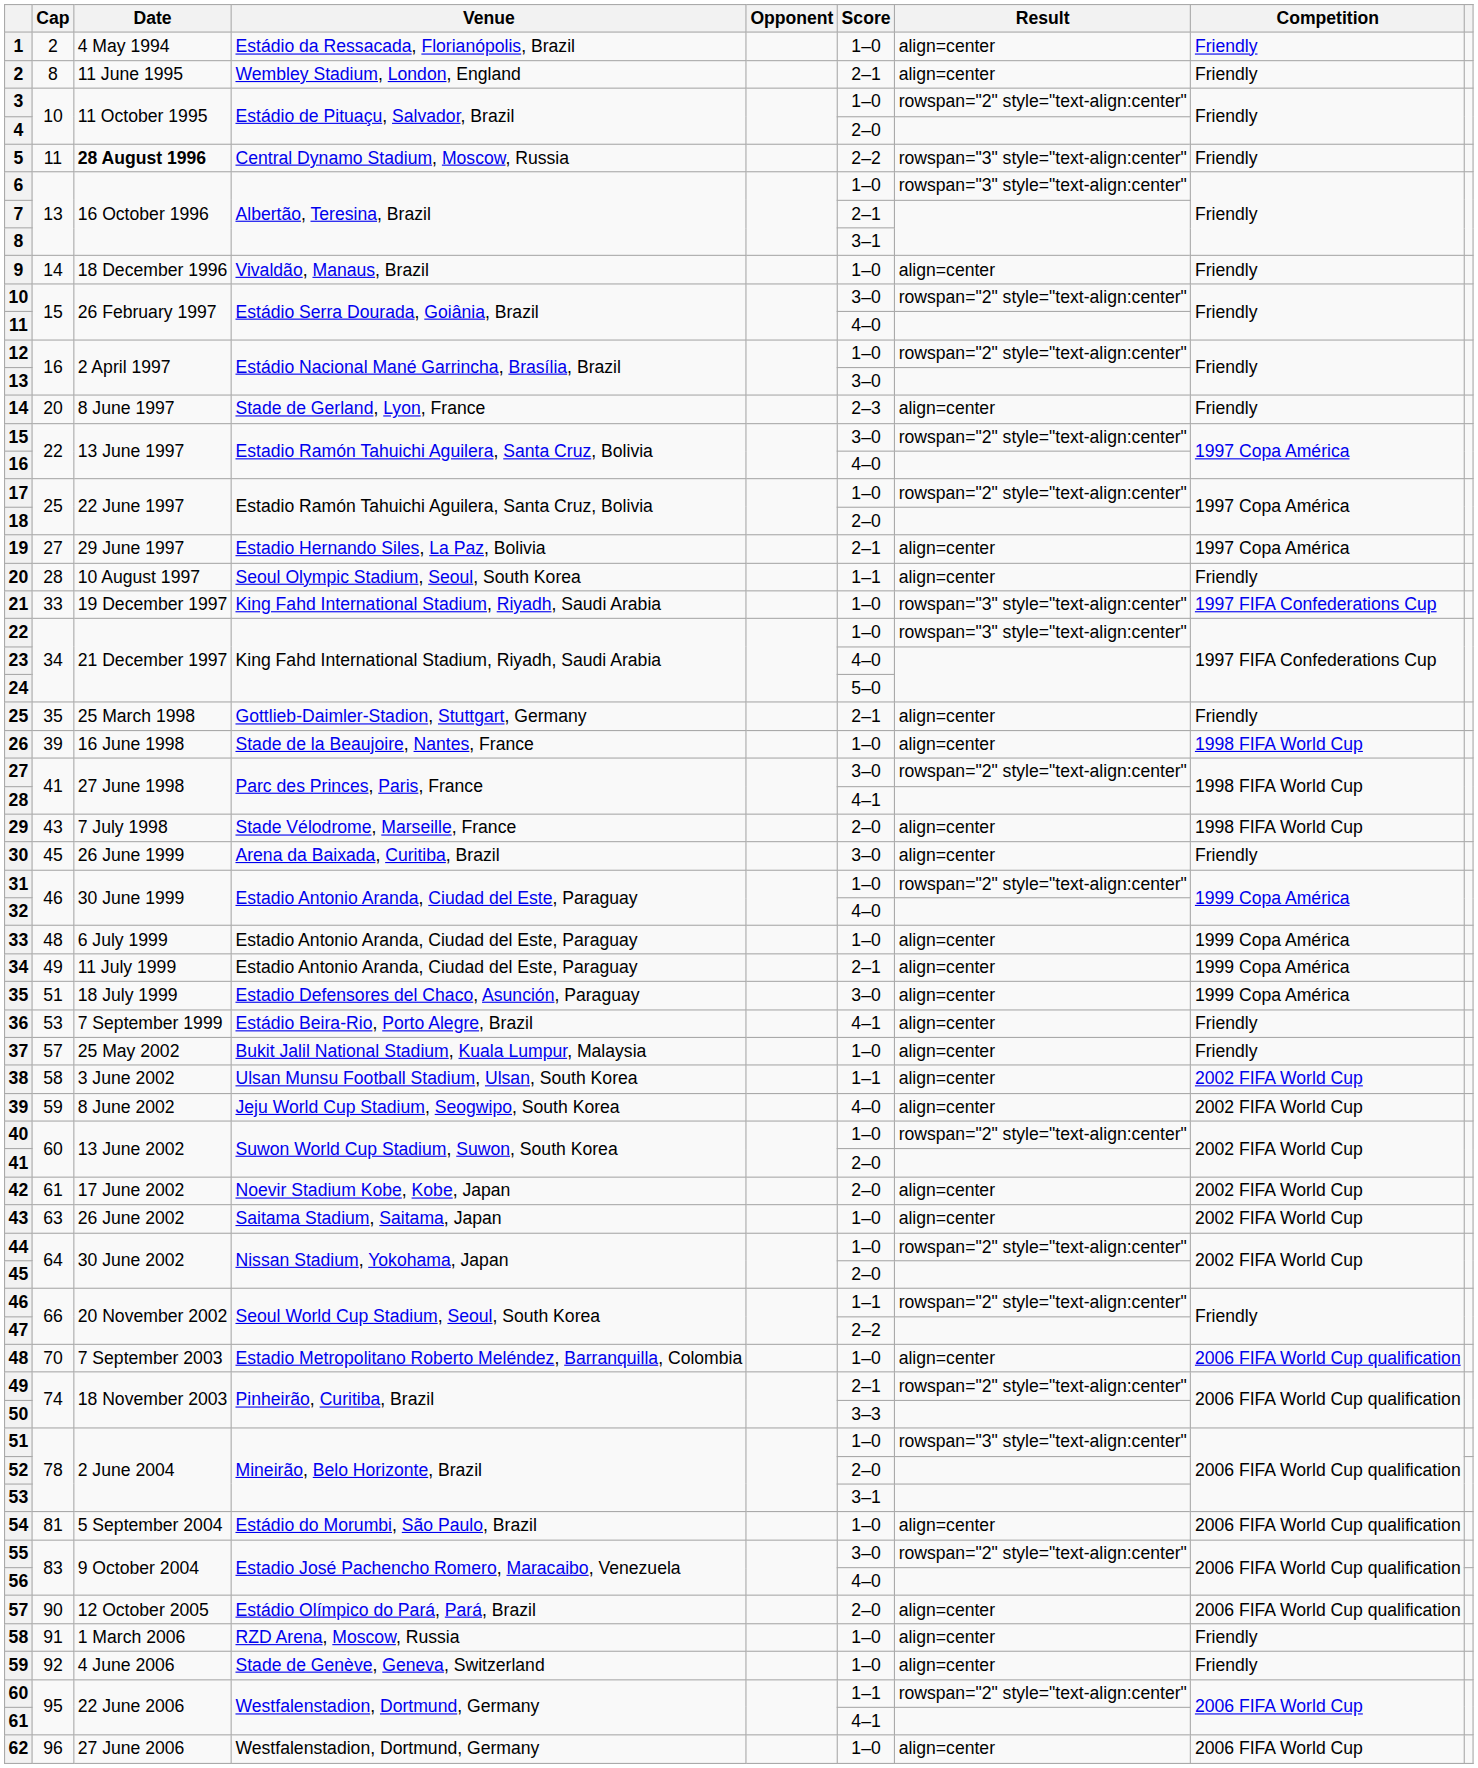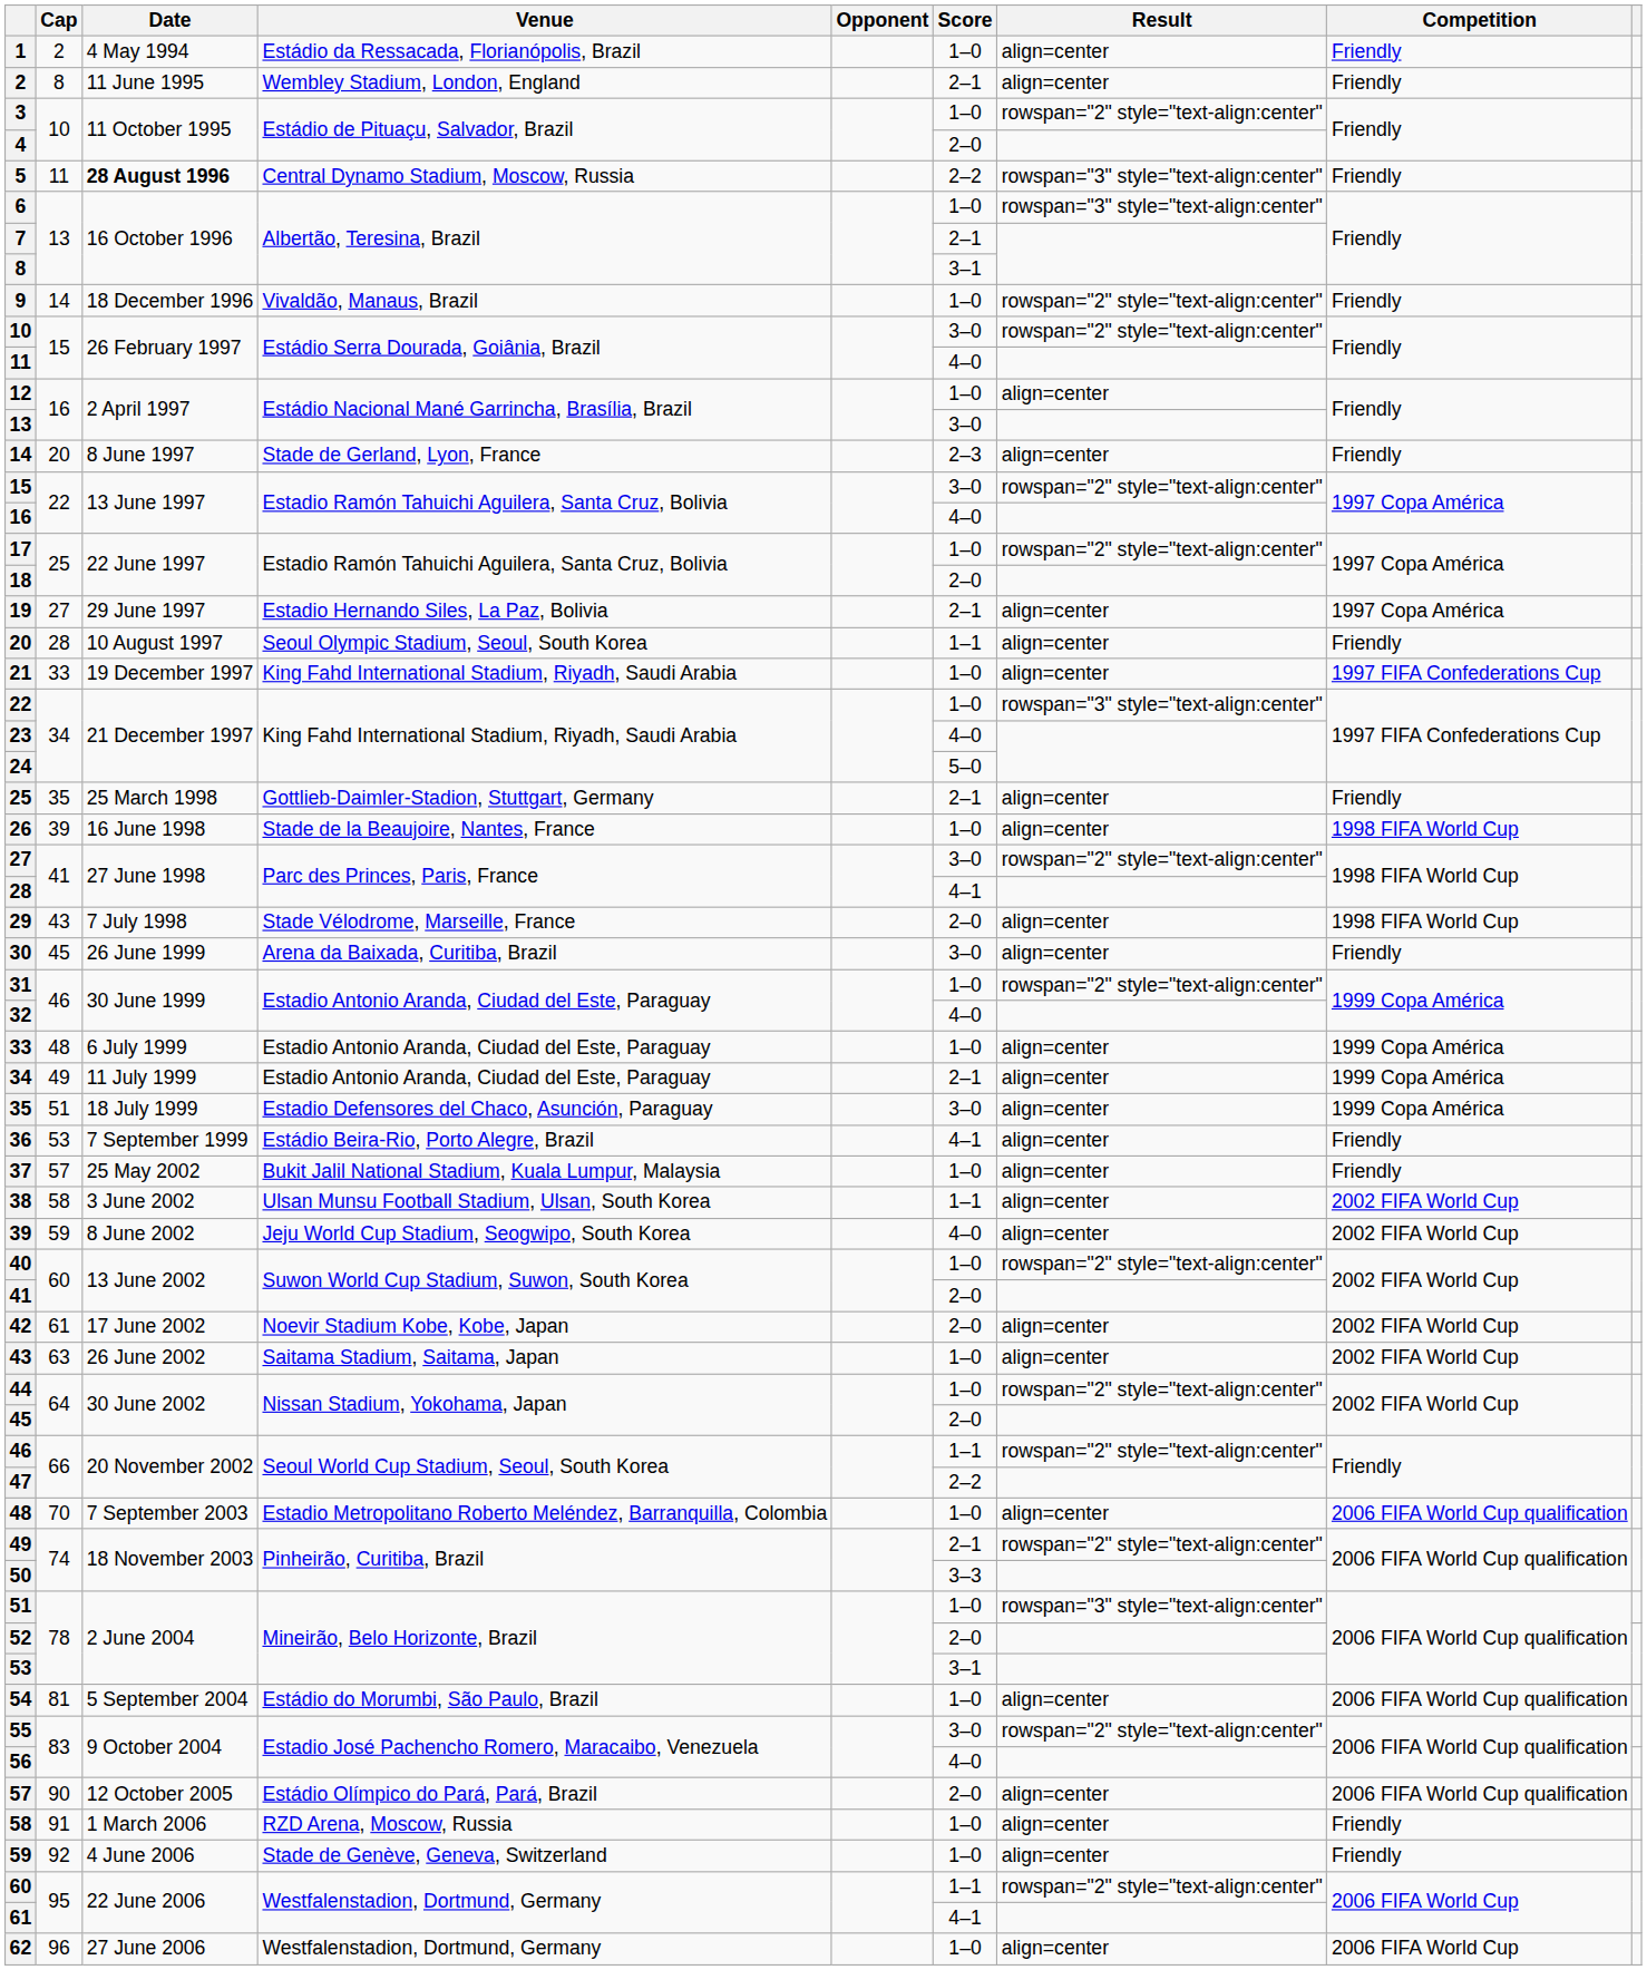 <table class="wikitable sortable collapsible" style="text-align: left;">
 <tr>
 <th scope="col"></th>
 <th scope="col">Cap</th>
 <th scope="col">Date</th>
 <th scope="col">Venue</th>
 <th scope="col">Opponent</th>
 <th scope="col">Score</th>
 <th scope="col">Result</th>
 <th scope="col">Competition</th>
 <th scope="col" class="unsortable"></th>
 </tr>
 <tr>
 <th scope="row">1</th>
 <td align=center>2</td>
 <td>4 May 1994</td>
 <td><a href='#'>Estádio da Ressacada</a>, <a href='#'>Florianópolis</a>, Brazil</td>
 <td></td>
 <td align=center>1–0</td>
 <td>align=center </td>
 <td><a href='#'>Friendly</a></td>
 <td></td>
 </tr>
 <tr>
 <th scope="row">2</th>
 <td align=center>8</td>
 <td>11 June 1995</td>
 <td><a href='#'>Wembley Stadium</a>, <a href='#'>London</a>, England</td>
 <td></td>
 <td align=center>2–1</td>
 <td>align=center </td>
 <td>Friendly</td>
 <td></td>
 </tr>
 <tr>
 <th scope="row">3</th>
 <td rowspan="2" align=center>10</td>
 <td rowspan="2">11 October 1995</td>
 <td rowspan="2"><a href='#'>Estádio de Pituaçu</a>, <a href='#'>Salvador</a>, Brazil</td>
 <td rowspan="2"></td>
 <td align=center>1–0</td>
 <td>rowspan="2" style="text-align:center" </td>
 <td rowspan="2">Friendly</td>
 <td rowspan="2"></td>
 </tr>
 <tr>
 <th scope="row">4</th>
 <td align=center>2–0</td>
 </tr>
 <tr>
 <th scope="row">5</th>
 <td align=center>11</td>
 <td><strong>28 August 1996</strong></td>
 <td><a href='#'>Central Dynamo Stadium</a>, <a href='#'>Moscow</a>, Russia</td>
 <td></td>
 <td align=center>2–2</td>
 <td>rowspan="3" style="text-align:center" </td>
 <td>Friendly</td>
 <td></td>
 </tr>
 <tr>
 <th scope="row">6</th>
 <td rowspan="3" align=center>13</td>
 <td rowspan="3">16 October 1996</td>
 <td rowspan="3"><a href='#'>Albertão</a>, <a href='#'>Teresina</a>, Brazil</td>
 <td rowspan="3"></td>
 <td align=center>1–0</td>
 <td>rowspan="3" style="text-align:center" </td>
 <td rowspan="3">Friendly</td>
 <td rowspan="3"></td>
 </tr>
 <tr>
 <th scope="row">7</th>
 <td align=center>2–1</td>
 </tr>
 <tr>
 <th scope="row">8</th>
 <td align=center>3–1</td>
 </tr>
 <tr>
 <th scope="row">9</th>
 <td align=center>14</td>
 <td>18 December 1996</td>
 <td><a href='#'>Vivaldão</a>, <a href='#'>Manaus</a>, Brazil</td>
 <td></td>
 <td align=center>1–0</td>
-<td>align=center </td>
+<td>rowspan="2" style="text-align:center" </td>
 <td>Friendly</td>
 <td></td>
 </tr>
 <tr>
 <th scope="row">10</th>
 <td rowspan="2" align=center>15</td>
 <td rowspan="2">26 February 1997</td>
 <td rowspan="2"><a href='#'>Estádio Serra Dourada</a>, <a href='#'>Goiânia</a>, Brazil</td>
 <td rowspan="2"></td>
 <td align=center>3–0</td>
 <td>rowspan="2" style="text-align:center" </td>
 <td rowspan="2">Friendly</td>
 <td rowspan="2"></td>
 </tr>
 <tr>
 <th scope="row">11</th>
 <td align=center>4–0</td>
 </tr>
 <tr>
 <th scope="row">12</th>
 <td rowspan="2" align=center>16</td>
 <td rowspan="2">2 April 1997</td>
 <td rowspan="2"><a href='#'>Estádio Nacional Mané Garrincha</a>, <a href='#'>Brasília</a>, Brazil</td>
 <td rowspan="2"></td>
 <td align=center>1–0</td>
-<td>rowspan="2" style="text-align:center" </td>
+<td>align=center </td>
 <td rowspan="2">Friendly</td>
 <td rowspan="2"></td>
 </tr>
 <tr>
 <th scope="row">13</th>
 <td align=center>3–0</td>
 </tr>
 <tr>
 <th scope="row">14</th>
 <td align=center>20</td>
 <td>8 June 1997</td>
 <td><a href='#'>Stade de Gerland</a>, <a href='#'>Lyon</a>, France</td>
 <td></td>
 <td align=center>2–3</td>
 <td>align=center </td>
 <td>Friendly</td>
 <td></td>
 </tr>
 <tr>
 <th scope="row">15</th>
 <td rowspan="2" align=center>22</td>
 <td rowspan="2">13 June 1997</td>
 <td rowspan="2"><a href='#'>Estadio Ramón Tahuichi Aguilera</a>, <a href='#'>Santa Cruz</a>, Bolivia</td>
 <td rowspan="2"></td>
 <td align=center>3–0</td>
 <td>rowspan="2" style="text-align:center" </td>
 <td rowspan="2"><a href='#'>1997 Copa América</a></td>
 <td rowspan="2"></td>
 </tr>
 <tr>
 <th scope="row">16</th>
 <td align=center>4–0</td>
 </tr>
 <tr>
 <th scope="row">17</th>
 <td rowspan="2" align=center>25</td>
 <td rowspan="2">22 June 1997</td>
 <td rowspan="2">Estadio Ramón Tahuichi Aguilera, Santa Cruz, Bolivia</td>
 <td rowspan="2"></td>
 <td align=center>1–0</td>
 <td>rowspan="2" style="text-align:center" </td>
 <td rowspan="2">1997 Copa América</td>
 <td rowspan="2"></td>
 </tr>
 <tr>
 <th scope="row">18</th>
 <td align=center>2–0</td>
 </tr>
 <tr>
 <th scope="row">19</th>
 <td align=center>27</td>
 <td>29 June 1997</td>
 <td><a href='#'>Estadio Hernando Siles</a>, <a href='#'>La Paz</a>, Bolivia</td>
 <td></td>
 <td align=center>2–1</td>
 <td>align=center </td>
 <td>1997 Copa América</td>
 <td></td>
 </tr>
 <tr>
 <th scope="row">20</th>
 <td align=center>28</td>
 <td>10 August 1997</td>
 <td><a href='#'>Seoul Olympic Stadium</a>, <a href='#'>Seoul</a>, South Korea</td>
 <td></td>
 <td align=center>1–1</td>
 <td>align=center </td>
 <td>Friendly</td>
 <td></td>
 </tr>
 <tr>
 <th scope="row">21</th>
 <td align=center>33</td>
 <td>19 December 1997</td>
 <td><a href='#'>King Fahd International Stadium</a>, <a href='#'>Riyadh</a>, Saudi Arabia</td>
 <td></td>
 <td align=center>1–0</td>
-<td>rowspan="3" style="text-align:center" </td>
+<td>align=center </td>
 <td><a href='#'>1997 FIFA Confederations Cup</a></td>
 <td></td>
 </tr>
 <tr>
 <th scope="row">22</th>
 <td rowspan="3" align=center>34</td>
 <td rowspan="3">21 December 1997</td>
 <td rowspan="3">King Fahd International Stadium, Riyadh, Saudi Arabia</td>
 <td rowspan="3"></td>
 <td align=center>1–0</td>
 <td>rowspan="3" style="text-align:center" </td>
 <td rowspan="3">1997 FIFA Confederations Cup</td>
 <td rowspan="3"></td>
 </tr>
 <tr>
 <th scope="row">23</th>
 <td align=center>4–0</td>
 </tr>
 <tr>
 <th scope="row">24</th>
 <td align=center>5–0</td>
 </tr>
 <tr>
 <th scope="row">25</th>
 <td align=center>35</td>
 <td>25 March 1998</td>
 <td><a href='#'>Gottlieb-Daimler-Stadion</a>, <a href='#'>Stuttgart</a>, Germany</td>
 <td></td>
 <td align=center>2–1</td>
 <td>align=center </td>
 <td>Friendly</td>
 <td></td>
 </tr>
 <tr>
 <th scope="row">26</th>
 <td align=center>39</td>
 <td>16 June 1998</td>
 <td><a href='#'>Stade de la Beaujoire</a>, <a href='#'>Nantes</a>, France</td>
 <td></td>
 <td align=center>1–0</td>
 <td>align=center </td>
 <td><a href='#'>1998 FIFA World Cup</a></td>
 <td></td>
 </tr>
 <tr>
 <th scope="row">27</th>
 <td rowspan="2" align=center>41</td>
 <td rowspan="2">27 June 1998</td>
 <td rowspan="2"><a href='#'>Parc des Princes</a>, <a href='#'>Paris</a>, France</td>
 <td rowspan="2"></td>
 <td align=center>3–0</td>
 <td>rowspan="2" style="text-align:center" </td>
 <td rowspan="2">1998 FIFA World Cup</td>
 <td rowspan="2"></td>
 </tr>
 <tr>
 <th scope="row">28</th>
 <td align=center>4–1</td>
 </tr>
 <tr>
 <th scope="row">29</th>
 <td align=center>43</td>
 <td>7 July 1998</td>
 <td><a href='#'>Stade Vélodrome</a>, <a href='#'>Marseille</a>, France</td>
 <td></td>
 <td align=center>2–0</td>
 <td>align=center <br></td>
 <td>1998 FIFA World Cup</td>
 <td></td>
 </tr>
 <tr>
 <th scope="row">30</th>
 <td align=center>45</td>
 <td>26 June 1999</td>
 <td><a href='#'>Arena da Baixada</a>, <a href='#'>Curitiba</a>, Brazil</td>
 <td></td>
 <td align=center>3–0</td>
 <td>align=center </td>
 <td>Friendly</td>
 <td></td>
 </tr>
 <tr>
 <th scope="row">31</th>
 <td rowspan="2" align=center>46</td>
 <td rowspan="2">30 June 1999</td>
 <td rowspan="2"><a href='#'>Estadio Antonio Aranda</a>, <a href='#'>Ciudad del Este</a>, Paraguay</td>
 <td rowspan="2"></td>
 <td align=center>1–0</td>
 <td>rowspan="2" style="text-align:center" </td>
 <td rowspan="2"><a href='#'>1999 Copa América</a></td>
 <td rowspan="2"></td>
 </tr>
 <tr>
 <th scope="row">32</th>
 <td align=center>4–0</td>
 </tr>
 <tr>
 <th scope="row">33</th>
 <td align=center>48</td>
 <td>6 July 1999</td>
 <td>Estadio Antonio Aranda, Ciudad del Este, Paraguay</td>
 <td></td>
 <td align=center>1–0</td>
 <td>align=center </td>
 <td>1999 Copa América</td>
 <td></td>
 </tr>
 <tr>
 <th scope="row">34</th>
 <td align=center>49</td>
 <td>11 July 1999</td>
 <td>Estadio Antonio Aranda, Ciudad del Este, Paraguay</td>
 <td></td>
 <td align=center>2–1</td>
 <td>align=center </td>
 <td>1999 Copa América</td>
 <td></td>
 </tr>
 <tr>
 <th scope="row">35</th>
 <td align=center>51</td>
 <td>18 July 1999</td>
 <td><a href='#'>Estadio Defensores del Chaco</a>, <a href='#'>Asunción</a>, Paraguay</td>
 <td></td>
 <td align=center>3–0</td>
 <td>align=center </td>
 <td>1999 Copa América</td>
 <td></td>
 </tr>
 <tr>
 <th scope="row">36</th>
 <td align=center>53</td>
 <td>7 September 1999</td>
 <td><a href='#'>Estádio Beira-Rio</a>, <a href='#'>Porto Alegre</a>, Brazil</td>
 <td></td>
 <td align=center>4–1</td>
 <td>align=center </td>
 <td>Friendly</td>
 <td></td>
 </tr>
 <tr>
 <th scope="row">37</th>
 <td align=center>57</td>
 <td>25 May 2002</td>
 <td><a href='#'>Bukit Jalil National Stadium</a>, <a href='#'>Kuala Lumpur</a>, Malaysia</td>
 <td></td>
 <td align=center>1–0</td>
 <td>align=center </td>
 <td>Friendly</td>
 <td></td>
 </tr>
 <tr>
 <th scope="row">38</th>
 <td align=center>58</td>
 <td>3 June 2002</td>
 <td><a href='#'>Ulsan Munsu Football Stadium</a>, <a href='#'>Ulsan</a>, South Korea</td>
 <td></td>
 <td align=center>1–1</td>
 <td>align=center </td>
 <td><a href='#'>2002 FIFA World Cup</a></td>
 <td></td>
 </tr>
 <tr>
 <th scope="row">39</th>
 <td align=center>59</td>
 <td>8 June 2002</td>
 <td><a href='#'>Jeju World Cup Stadium</a>, <a href='#'>Seogwipo</a>, South Korea</td>
 <td></td>
 <td align=center>4–0</td>
 <td>align=center </td>
 <td>2002 FIFA World Cup</td>
 <td></td>
 </tr>
 <tr>
 <th scope="row">40</th>
 <td rowspan="2" align=center>60</td>
 <td rowspan="2">13 June 2002</td>
 <td rowspan="2"><a href='#'>Suwon World Cup Stadium</a>, <a href='#'>Suwon</a>, South Korea</td>
 <td rowspan="2"></td>
 <td align=center>1–0</td>
 <td>rowspan="2" style="text-align:center" </td>
 <td rowspan="2">2002 FIFA World Cup</td>
 <td rowspan="2"></td>
 </tr>
 <tr>
 <th scope="row">41</th>
 <td align=center>2–0</td>
 </tr>
 <tr>
 <th scope="row">42</th>
 <td align=center>61</td>
 <td>17 June 2002</td>
 <td><a href='#'>Noevir Stadium Kobe</a>, <a href='#'>Kobe</a>, Japan</td>
 <td></td>
 <td align=center>2–0</td>
 <td>align=center </td>
 <td>2002 FIFA World Cup</td>
 <td></td>
 </tr>
 <tr>
 <th scope="row">43</th>
 <td align=center>63</td>
 <td>26 June 2002</td>
 <td><a href='#'>Saitama Stadium</a>, <a href='#'>Saitama</a>, Japan</td>
 <td></td>
 <td align=center>1–0</td>
 <td>align=center </td>
 <td>2002 FIFA World Cup</td>
 <td></td>
 </tr>
 <tr>
 <th scope="row">44</th>
 <td rowspan="2" align=center>64</td>
 <td rowspan="2">30 June 2002</td>
 <td rowspan="2"><a href='#'>Nissan Stadium</a>, <a href='#'>Yokohama</a>, Japan</td>
 <td rowspan="2"></td>
 <td align=center>1–0</td>
 <td>rowspan="2" style="text-align:center" </td>
 <td rowspan="2">2002 FIFA World Cup</td>
 <td rowspan="2"></td>
 </tr>
 <tr>
 <th scope="row">45</th>
 <td align=center>2–0</td>
 </tr>
 <tr>
 <th scope="row">46</th>
 <td rowspan="2" align=center>66</td>
 <td rowspan="2">20 November 2002</td>
 <td rowspan="2"><a href='#'>Seoul World Cup Stadium</a>, <a href='#'>Seoul</a>, South Korea</td>
 <td rowspan="2"></td>
 <td align=center>1–1</td>
 <td>rowspan="2" style="text-align:center" </td>
 <td rowspan="2">Friendly</td>
 <td rowspan="2"></td>
 </tr>
 <tr>
 <th scope="row">47</th>
 <td align=center>2–2</td>
 </tr>
 <tr>
 <th scope="row">48</th>
 <td align=center>70</td>
 <td>7 September 2003</td>
 <td><a href='#'>Estadio Metropolitano Roberto Meléndez</a>, <a href='#'>Barranquilla</a>, Colombia</td>
 <td></td>
 <td align=center>1–0</td>
 <td>align=center </td>
 <td><a href='#'>2006 FIFA World Cup qualification</a></td>
 <td></td>
 </tr>
 <tr>
 <th scope="row">49</th>
 <td rowspan="2" align=center>74</td>
 <td rowspan="2">18 November 2003</td>
 <td rowspan="2"><a href='#'>Pinheirão</a>, <a href='#'>Curitiba</a>, Brazil</td>
 <td rowspan="2"></td>
 <td align=center>2–1</td>
 <td>rowspan="2" style="text-align:center" </td>
 <td rowspan="2">2006 FIFA World Cup qualification</td>
 <td rowspan="2"></td>
 </tr>
 <tr>
 <th scope="row">50</th>
 <td align=center>3–3</td>
 </tr>
 <tr>
 <th scope="row">51</th>
 <td rowspan="3" align=center>78</td>
 <td rowspan="3">2 June 2004</td>
 <td rowspan="3"><a href='#'>Mineirão</a>, <a href='#'>Belo Horizonte</a>, Brazil</td>
 <td rowspan="3"></td>
 <td align=center>1–0</td>
 <td>rowspan="3" style="text-align:center" </td>
 <td rowspan="3">2006 FIFA World Cup qualification</td>
 <td></td>
 </tr>
 <tr>
 <th scope="row">52</th>
 <td align=center>2–0</td>
 <td></td>
 </tr>
 <tr>
 <th scope="row">53</th>
 <td align=center>3–1</td>
 <td></td>
 </tr>
 <tr>
 <th scope="row">54</th>
 <td align=center>81</td>
 <td>5 September 2004</td>
 <td><a href='#'>Estádio do Morumbi</a>, <a href='#'>São Paulo</a>, Brazil</td>
 <td></td>
 <td align=center>1–0</td>
 <td>align=center </td>
 <td>2006 FIFA World Cup qualification</td>
 <td></td>
 </tr>
 <tr>
 <th scope="row">55</th>
 <td rowspan="2" align=center>83</td>
 <td rowspan="2">9 October 2004</td>
 <td rowspan="2"><a href='#'>Estadio José Pachencho Romero</a>, <a href='#'>Maracaibo</a>, Venezuela</td>
 <td rowspan="2"></td>
 <td align=center>3–0</td>
 <td>rowspan="2" style="text-align:center" </td>
 <td rowspan="2">2006 FIFA World Cup qualification</td>
 <td></td>
 </tr>
 <tr>
 <th scope="row">56</th>
 <td align=center>4–0</td>
 <td></td>
 </tr>
 <tr>
 <th scope="row">57</th>
 <td align=center>90</td>
 <td>12 October 2005</td>
 <td><a href='#'>Estádio Olímpico do Pará</a>, <a href='#'>Pará</a>, Brazil</td>
 <td></td>
 <td align="center">2–0</td>
 <td>align=center </td>
 <td>2006 FIFA World Cup qualification</td>
 <td></td>
 </tr>
 <tr>
 <th scope="row">58</th>
 <td align=center>91</td>
 <td>1 March 2006</td>
 <td><a href='#'>RZD Arena</a>, <a href='#'>Moscow</a>, Russia</td>
 <td></td>
 <td align=center>1–0</td>
 <td>align=center </td>
 <td>Friendly</td>
 <td></td>
 </tr>
 <tr>
 <th scope="row">59</th>
 <td align=center>92</td>
 <td>4 June 2006</td>
 <td><a href='#'>Stade de Genève</a>, <a href='#'>Geneva</a>, Switzerland</td>
 <td></td>
 <td align=center>1–0</td>
 <td>align=center </td>
 <td>Friendly</td>
 <td></td>
 </tr>
 <tr>
 <th scope="row">60</th>
 <td rowspan="2" align=center>95</td>
 <td rowspan="2">22 June 2006</td>
 <td rowspan="2"><a href='#'>Westfalenstadion</a>, <a href='#'>Dortmund</a>, Germany</td>
 <td rowspan="2"></td>
 <td align=center>1–1</td>
 <td>rowspan="2" style="text-align:center" </td>
 <td rowspan="2"><a href='#'>2006 FIFA World Cup</a></td>
 <td rowspan="2"></td>
 </tr>
 <tr>
 <th scope="row">61</th>
 <td align=center>4–1</td>
 </tr>
 <tr>
 <th scope="row">62</th>
 <td align=center>96</td>
 <td>27 June 2006</td>
 <td>Westfalenstadion, Dortmund, Germany</td>
 <td></td>
 <td align=center>1–0</td>
 <td>align=center </td>
 <td>2006 FIFA World Cup</td>
 <td></td>
 </tr>
 </table>
